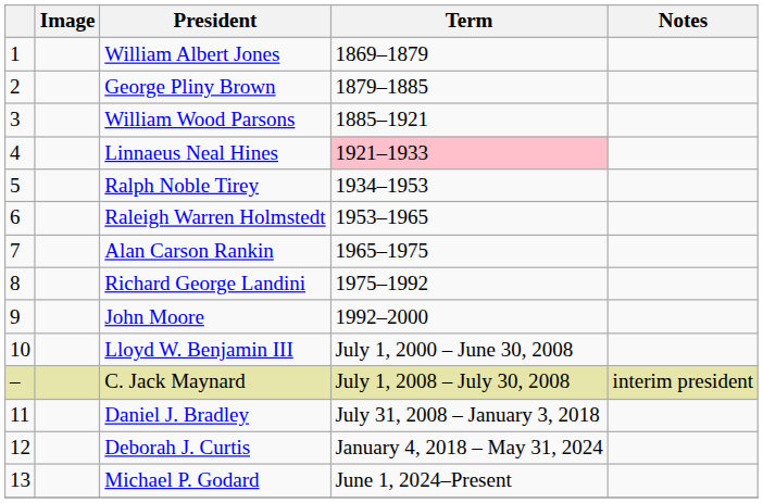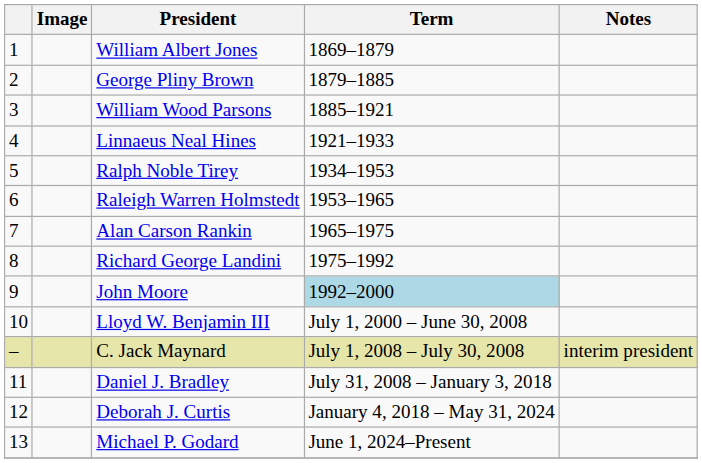 <table class=wikitable style="text-align:left">
 <tr>
 <th></th>
 <th>Image</th>
 <th>President</th>
 <th>Term</th>
 <th>Notes</th>
 </tr>
 <tr>
 <td>1</td>
 <td></td>
 <td><a href='#'>William Albert Jones</a></td>
 <td>1869–1879</td>
 <td></td>
 </tr>
 <tr>
 <td>2</td>
 <td></td>
 <td><a href='#'>George Pliny Brown</a></td>
 <td>1879–1885</td>
 <td></td>
 </tr>
 <tr>
 <td>3</td>
 <td></td>
 <td><a href='#'>William Wood Parsons</a></td>
 <td>1885–1921</td>
 <td></td>
 </tr>
 <tr>
 <td>4</td>
 <td></td>
 <td><a href='#'>Linnaeus Neal Hines</a></td>
-<td style="background: pink;">1921–1933</td>
+<td>1921–1933</td>
 <td></td>
 </tr>
 <tr>
 <td>5</td>
 <td></td>
 <td><a href='#'>Ralph Noble Tirey</a></td>
 <td>1934–1953</td>
 <td></td>
 </tr>
 <tr>
 <td>6</td>
 <td></td>
 <td><a href='#'>Raleigh Warren Holmstedt</a></td>
 <td>1953–1965</td>
 <td></td>
 </tr>
 <tr>
 <td>7</td>
 <td></td>
 <td><a href='#'>Alan Carson Rankin</a></td>
 <td>1965–1975</td>
 <td></td>
 </tr>
 <tr>
 <td>8</td>
 <td></td>
 <td><a href='#'>Richard George Landini</a></td>
 <td>1975–1992</td>
 <td></td>
 </tr>
 <tr>
 <td>9</td>
 <td></td>
 <td><a href='#'>John Moore</a></td>
-<td>1992–2000</td>
+<td style="background: lightblue;">1992–2000</td>
 <td></td>
 </tr>
 <tr>
 <td>10</td>
 <td></td>
 <td><a href='#'>Lloyd W. Benjamin III</a></td>
 <td>July 1, 2000 – June 30, 2008</td>
 <td></td>
 </tr>
 <tr bgcolor="#e6e6aa">
 <td>–</td>
 <td></td>
 <td>C. Jack Maynard</td>
 <td>July 1, 2008 – July 30, 2008</td>
 <td>interim president</td>
 </tr>
 <tr>
 <td>11</td>
 <td></td>
 <td><a href='#'>Daniel J. Bradley</a></td>
 <td>July 31, 2008 – January 3, 2018</td>
 <td></td>
 </tr>
 <tr>
 <td>12</td>
 <td></td>
 <td><a href='#'>Deborah J. Curtis</a></td>
 <td>January 4, 2018 – May 31, 2024</td>
 <td></td>
 </tr>
 <tr>
 <td>13</td>
 <td></td>
 <td><a href='#'>Michael P. Godard</a></td>
 <td>June 1, 2024–Present</td>
 <td></td>
 </tr>
 <tr>
 </tr>
 <tr>
 </tr>
 </table>
